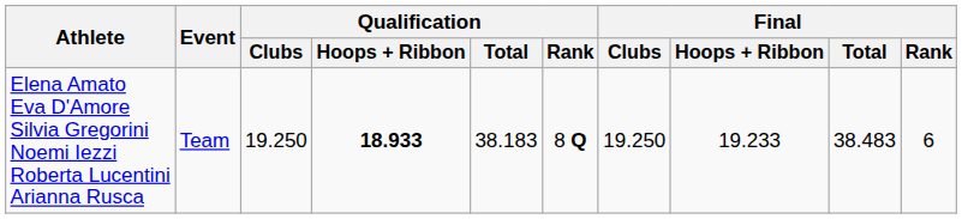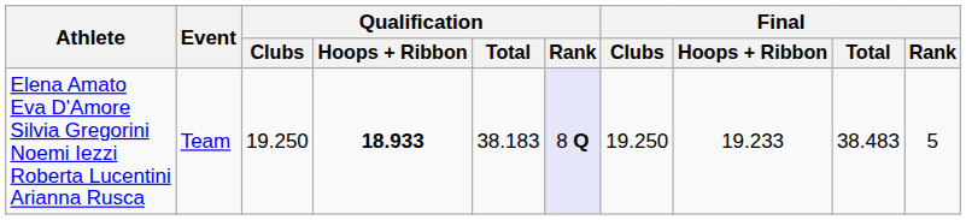 <table class=wikitable style="font-size:90%">
 <tr>
 <th rowspan="2">Athlete</th>
 <th rowspan="2">Event</th>
 <th colspan=4>Qualification</th>
 <th colspan=4>Final</th>
 </tr>
 <tr style="font-size:95%">
 <th>Clubs</th>
 <th>Hoops + Ribbon</th>
 <th>Total</th>
 <th>Rank</th>
 <th>Clubs</th>
 <th>Hoops + Ribbon</th>
 <th>Total</th>
 <th>Rank</th>
 </tr>
 <tr>
 <td align=left><a href='#'>Elena Amato</a><br> <a href='#'>Eva D'Amore</a><br> <a href='#'>Silvia Gregorini</a><br> <a href='#'>Noemi Iezzi</a><br> <a href='#'>Roberta Lucentini</a><br> <a href='#'>Arianna Rusca</a></td>
 <td align=left><a href='#'>Team</a></td>
 <td align=center>19.250</td>
 <td align=center><strong>18.933</strong></td>
 <td align=center>38.183</td>
-<td align=center>8 <strong>Q</strong></td>
+<td align=center style="background: lavender;">8 <strong>Q</strong></td>
 <td align=center>19.250</td>
 <td align=center>19.233</td>
 <td align=center>38.483</td>
-<td align=center>6</td>
+<td align=center>5</td>
 </tr>
 </table>
